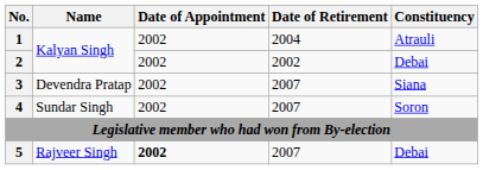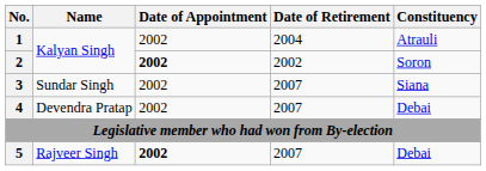 <table class="wikitable sortable">
 <tr>
 <th style="background-color:">No.</th>
 <th style="background-color:">Name</th>
 <th style="background-color:">Date of Appointment</th>
 <th style="background-color:">Date of Retirement</th>
 <th style="background-color:">Constituency</th>
 </tr>
 <tr>
 <th>1</th>
 <td rowspan="2"><a href='#'>Kalyan Singh</a></td>
 <td>2002</td>
 <td>2004</td>
 <td><a href='#'>Atrauli</a></td>
 </tr>
 <tr>
 <th>2</th>
+<td><strong>2002</strong></td>
 <td>2002</td>
-<td>2002</td>
-<td><a href='#'>Debai</a></td>
+<td><a href='#'>Soron</a></td>
 </tr>
 <tr>
 <th>3</th>
-<td>Devendra Pratap</td>
+<td>Sundar Singh</td>
 <td>2002</td>
 <td>2007</td>
 <td><a href='#'>Siana</a></td>
 </tr>
 <tr>
 <th>4</th>
-<td>Sundar Singh</td>
+<td>Devendra Pratap</td>
 <td>2002</td>
 <td>2007</td>
-<td><a href='#'>Soron</a></td>
+<td><a href='#'>Debai</a></td>
 </tr>
 <tr>
 <td colspan="6" style="text-align:center; background:#A9A9A9"><strong><em>Legislative member who had won from By-election</em></strong></td>
 </tr>
 <tr>
 <th>5</th>
 <td><a href='#'>Rajveer Singh</a></td>
 <td><strong>2002</strong></td>
 <td>2007</td>
 <td><a href='#'>Debai</a></td>
 </tr>
 </table>
